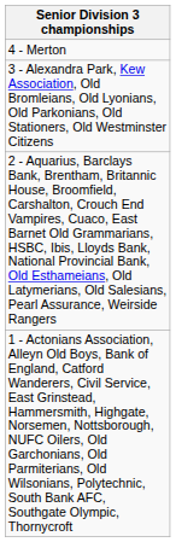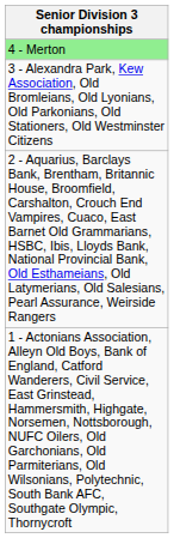 <table class="wikitable" style="text-align: left">
 <tr>
 <th width=200>Senior Division 3 championships</th>
 </tr>
 <tr>
-<td>4 - Merton</td>
+<td style="background: lightgreen;">4 - Merton</td>
 </tr>
 <tr>
 <td>3 - Alexandra Park, <a href='#'>Kew Association</a>, Old Bromleians, Old Lyonians, Old Parkonians, Old Stationers, Old Westminster Citizens</td>
 </tr>
 <tr>
 <td>2 - Aquarius, Barclays Bank, Brentham, Britannic House, Broomfield, Carshalton, Crouch End Vampires, Cuaco, East Barnet Old Grammarians, HSBC, Ibis, Lloyds Bank, National Provincial Bank, <a href='#'>Old Esthameians</a>, Old Latymerians, Old Salesians, Pearl Assurance, Weirside Rangers</td>
 </tr>
 <tr>
 <td>1 - Actonians Association, Alleyn Old Boys, Bank of England, Catford Wanderers, Civil Service, East Grinstead, Hammersmith, Highgate, Norsemen, Nottsborough, NUFC Oilers, Old Garchonians, Old Parmiterians, Old Wilsonians, Polytechnic, South Bank AFC, Southgate Olympic, Thornycroft</td>
 </tr>
 </table>
